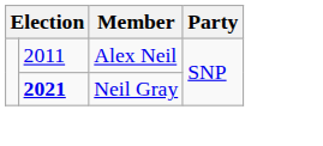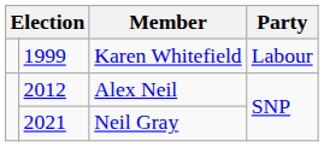 <table class="wikitable">
 <tr>
 <th colspan="2">Election</th>
 <th>Member</th>
 <th>Party</th>
 </tr>
 <tr>
+<td style="background-color: "></td>
+<td><a href='#'>1999</a></td>
+<td><a href='#'>Karen Whitefield</a></td>
+<td><a href='#'>Labour</a></td>
+</tr>
+<tr>
 <td rowspan=2 style="background-color: "></td>
-<td><a href='#'>2011</a></td>
+<td><a href='#'>2012</a></td>
 <td><a href='#'>Alex Neil</a></td>
 <td rowspan=2><a href='#'>SNP</a></td>
 </tr>
 <tr>
-<td><strong><a href='#'>2021</a></strong></td>
+<td><a href='#'>2021</a></td>
 <td><a href='#'>Neil Gray</a></td>
 </tr>
 </table>
